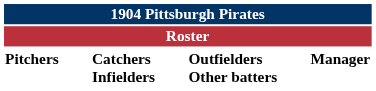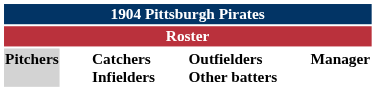 <table class="toccolours" style="font-size: 95%;">
 <tr>
 <th colspan="10" style="background-color: #023465; color: white; text-align: center;">1904 Pittsburgh Pirates</th>
 </tr>
 <tr>
 <td colspan="10" style="background-color: #ba313c; color: white; text-align: center;"><strong>Roster</strong></td>
 </tr>
 <tr>
-<td valign="top"><strong>Pitchers</strong><br>            </td>
+<td valign="top" style="background: lightgrey;"><strong>Pitchers</strong><br>            </td>
 <td width="25px"></td>
 <td valign="top"><strong>Catchers</strong><br>     <strong>Infielders</strong>     </td>
 <td width="25px"></td>
 <td valign="top"><strong>Outfielders</strong><br>         <strong>Other batters</strong> </td>
 <td width="25px"></td>
 <td valign="top"><strong>Manager</strong><br></td>
 </tr>
 </table>
